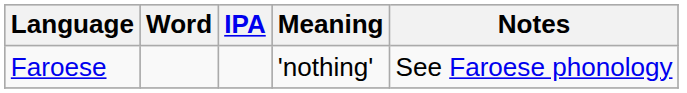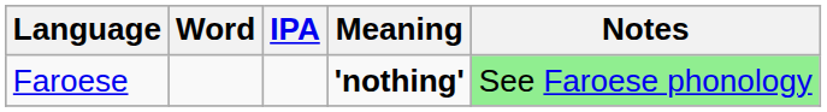 <table class="wikitable">
 <tr>
 <th colspan="2">Language</th>
 <th>Word</th>
 <th><a href='#'>IPA</a></th>
 <th>Meaning</th>
 <th>Notes</th>
 </tr>
 <tr>
 <td colspan="2"><a href='#'>Faroese</a></td>
 <td></td>
 <td></td>
-<td>'nothing'</td>
-<td>See <a href='#'>Faroese phonology</a></td>
+<td><strong>'nothing'</strong></td>
+<td style="background: lightgreen;">See <a href='#'>Faroese phonology</a></td>
 </tr>
 </table>
